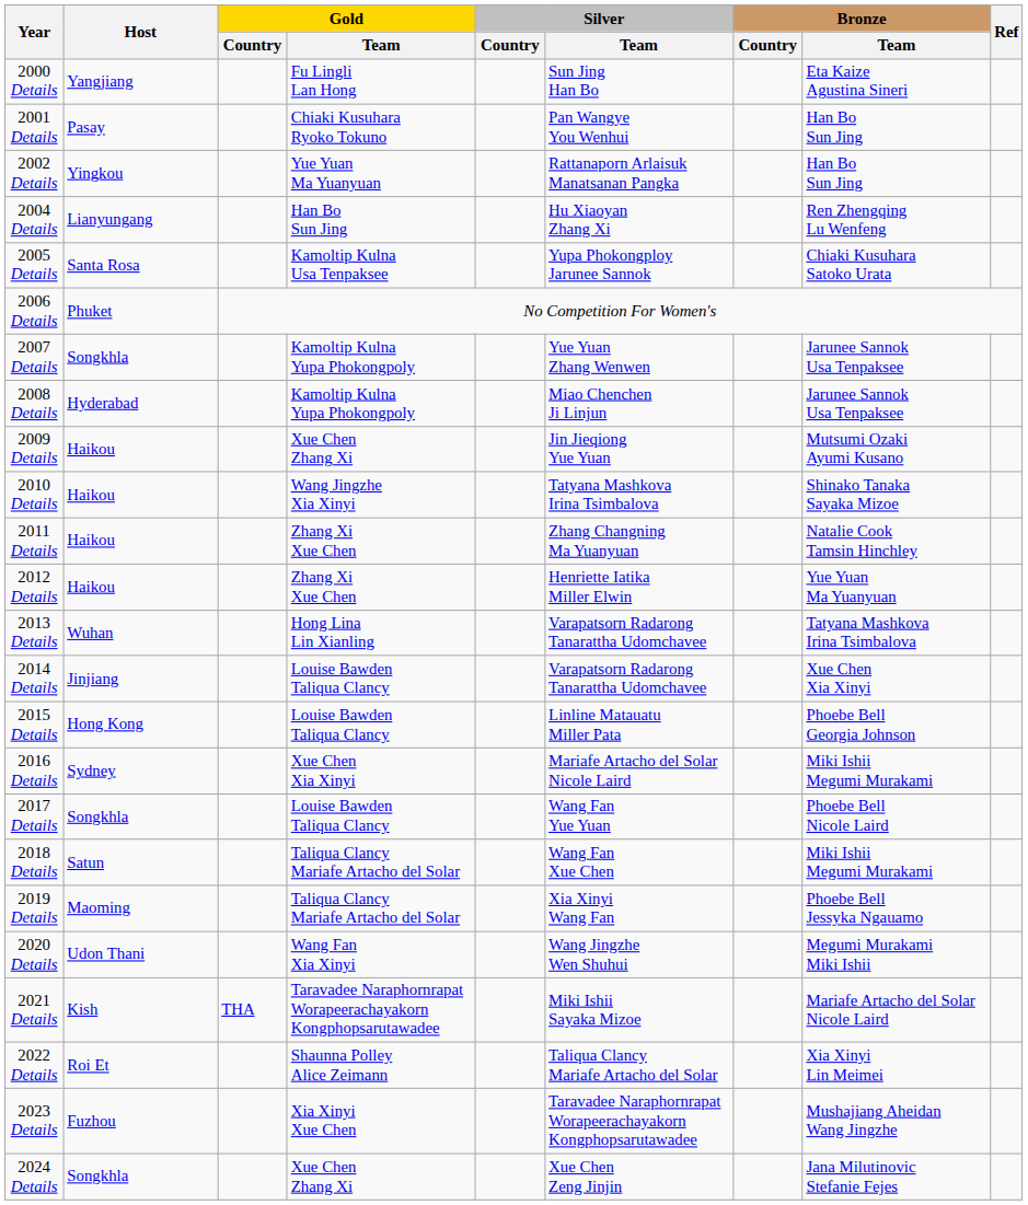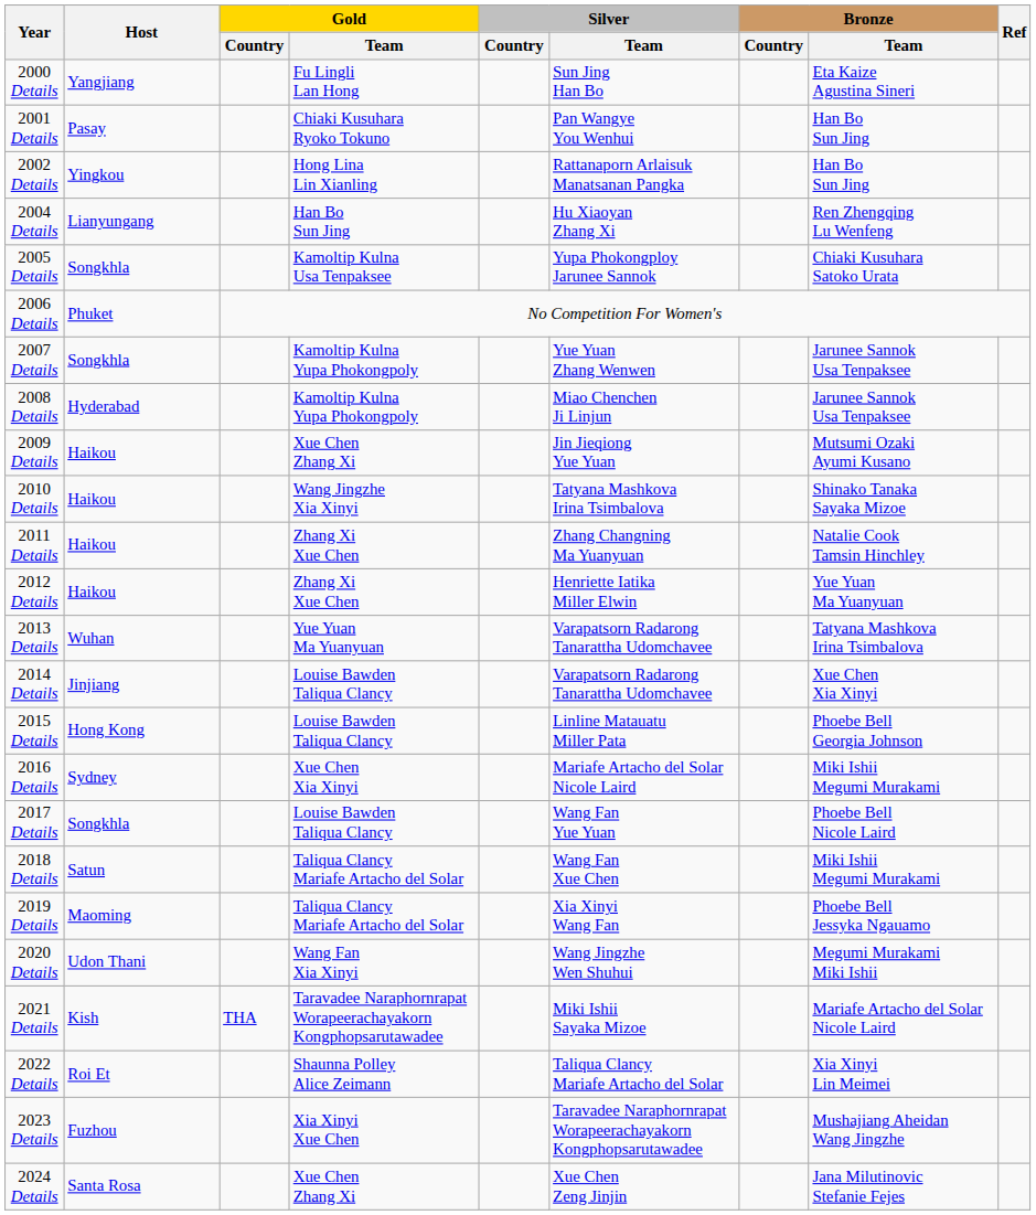 <table class="wikitable" style="font-size:90%">
 <tr>
 <th rowspan="2" width="45">Year</th>
 <th rowspan="2" width="130">Host</th>
 <th colspan="2" style="background:gold">Gold</th>
 <th colspan="2" style="background:silver">Silver</th>
 <th colspan="2" style="background:#cc9966">Bronze</th>
 <th rowspan="2" width="20">Ref</th>
 </tr>
 <tr>
 <th width="55">Country</th>
 <th width="160">Team</th>
 <th width="55">Country</th>
 <th width="160">Team</th>
 <th width="55">Country</th>
 <th width="160">Team</th>
 </tr>
 <tr>
 <td align=center>2000<br><em><a href='#'>Details</a></em></td>
 <td> <a href='#'>Yangjiang</a></td>
 <td></td>
 <td><a href='#'>Fu Lingli</a><br><a href='#'>Lan Hong</a></td>
 <td></td>
 <td><a href='#'>Sun Jing</a><br><a href='#'>Han Bo</a></td>
 <td></td>
 <td><a href='#'>Eta Kaize</a><br><a href='#'>Agustina Sineri</a></td>
 <td></td>
 </tr>
 <tr>
 <td align=center>2001<br><em><a href='#'>Details</a></em></td>
 <td> <a href='#'>Pasay</a></td>
 <td></td>
 <td><a href='#'>Chiaki Kusuhara</a><br><a href='#'>Ryoko Tokuno</a></td>
 <td></td>
 <td><a href='#'>Pan Wangye</a><br><a href='#'>You Wenhui</a></td>
 <td></td>
 <td><a href='#'>Han Bo</a><br><a href='#'>Sun Jing</a></td>
 <td></td>
 </tr>
 <tr>
 <td align=center>2002<br><em><a href='#'>Details</a></em></td>
 <td> <a href='#'>Yingkou</a></td>
 <td></td>
-<td><a href='#'>Yue Yuan</a><br><a href='#'>Ma Yuanyuan</a></td>
+<td><a href='#'>Hong Lina</a><br><a href='#'>Lin Xianling</a></td>
 <td></td>
 <td><a href='#'>Rattanaporn Arlaisuk</a><br><a href='#'>Manatsanan Pangka</a></td>
 <td></td>
 <td><a href='#'>Han Bo</a><br><a href='#'>Sun Jing</a></td>
 <td></td>
 </tr>
 <tr>
 <td align=center>2004<br><em><a href='#'>Details</a></em></td>
 <td> <a href='#'>Lianyungang</a></td>
 <td></td>
 <td><a href='#'>Han Bo</a><br><a href='#'>Sun Jing</a></td>
 <td></td>
 <td><a href='#'>Hu Xiaoyan</a><br><a href='#'>Zhang Xi</a></td>
 <td></td>
 <td><a href='#'>Ren Zhengqing</a><br><a href='#'>Lu Wenfeng</a></td>
 <td></td>
 </tr>
 <tr>
 <td align=center>2005<br><em><a href='#'>Details</a></em></td>
-<td> <a href='#'>Santa Rosa</a></td>
+<td> <a href='#'>Songkhla</a></td>
 <td></td>
 <td><a href='#'>Kamoltip Kulna</a><br><a href='#'>Usa Tenpaksee</a></td>
 <td></td>
 <td><a href='#'>Yupa Phokongploy</a><br><a href='#'>Jarunee Sannok</a></td>
 <td></td>
 <td><a href='#'>Chiaki Kusuhara</a><br><a href='#'>Satoko Urata</a></td>
 <td></td>
 </tr>
 <tr>
 <td align=center>2006<br><em><a href='#'>Details</a></em></td>
 <td> <a href='#'>Phuket</a></td>
 <td colspan=7 align=center><em>No Competition For Women's</em></td>
 </tr>
 <tr>
 <td align=center>2007<br><em><a href='#'>Details</a></em></td>
 <td> <a href='#'>Songkhla</a></td>
 <td></td>
 <td><a href='#'>Kamoltip Kulna</a><br><a href='#'>Yupa Phokongpoly</a></td>
 <td></td>
 <td><a href='#'>Yue Yuan</a><br><a href='#'>Zhang Wenwen</a></td>
 <td></td>
 <td><a href='#'>Jarunee Sannok</a><br><a href='#'>Usa Tenpaksee</a></td>
 <td></td>
 </tr>
 <tr>
 <td align=center>2008<br><em><a href='#'>Details</a></em></td>
 <td> <a href='#'>Hyderabad</a></td>
 <td></td>
 <td><a href='#'>Kamoltip Kulna</a><br><a href='#'>Yupa Phokongpoly</a></td>
 <td></td>
 <td><a href='#'>Miao Chenchen</a><br><a href='#'>Ji Linjun</a></td>
 <td></td>
 <td><a href='#'>Jarunee Sannok</a><br><a href='#'>Usa Tenpaksee</a></td>
 <td></td>
 </tr>
 <tr>
 <td align=center>2009<br><em><a href='#'>Details</a></em></td>
 <td> <a href='#'>Haikou</a></td>
 <td></td>
 <td><a href='#'>Xue Chen</a><br><a href='#'>Zhang Xi</a></td>
 <td></td>
 <td><a href='#'>Jin Jieqiong</a><br><a href='#'>Yue Yuan</a></td>
 <td></td>
 <td><a href='#'>Mutsumi Ozaki</a><br><a href='#'>Ayumi Kusano</a></td>
 <td></td>
 </tr>
 <tr>
 <td align=center>2010<br><em><a href='#'>Details</a></em></td>
 <td> <a href='#'>Haikou</a></td>
 <td></td>
 <td><a href='#'>Wang Jingzhe</a><br><a href='#'>Xia Xinyi</a></td>
 <td></td>
 <td><a href='#'>Tatyana Mashkova</a><br><a href='#'>Irina Tsimbalova</a></td>
 <td></td>
 <td><a href='#'>Shinako Tanaka</a><br><a href='#'>Sayaka Mizoe</a></td>
 <td></td>
 </tr>
 <tr>
 <td align=center>2011<br><em><a href='#'>Details</a></em></td>
 <td> <a href='#'>Haikou</a></td>
 <td></td>
 <td><a href='#'>Zhang Xi</a><br><a href='#'>Xue Chen</a></td>
 <td></td>
 <td><a href='#'>Zhang Changning</a><br><a href='#'>Ma Yuanyuan</a></td>
 <td></td>
 <td><a href='#'>Natalie Cook</a><br><a href='#'>Tamsin Hinchley</a></td>
 <td></td>
 </tr>
 <tr>
 <td align=center>2012<br><em><a href='#'>Details</a></em></td>
 <td> <a href='#'>Haikou</a></td>
 <td></td>
 <td><a href='#'>Zhang Xi</a><br><a href='#'>Xue Chen</a></td>
 <td></td>
 <td><a href='#'>Henriette Iatika</a><br><a href='#'>Miller Elwin</a></td>
 <td></td>
 <td><a href='#'>Yue Yuan</a><br><a href='#'>Ma Yuanyuan</a></td>
 <td></td>
 </tr>
 <tr>
 <td align=center>2013<br><em><a href='#'>Details</a></em></td>
 <td> <a href='#'>Wuhan</a></td>
 <td></td>
-<td><a href='#'>Hong Lina</a><br><a href='#'>Lin Xianling</a></td>
+<td><a href='#'>Yue Yuan</a><br><a href='#'>Ma Yuanyuan</a></td>
 <td></td>
 <td><a href='#'>Varapatsorn Radarong</a><br><a href='#'>Tanarattha Udomchavee</a></td>
 <td></td>
 <td><a href='#'>Tatyana Mashkova</a><br><a href='#'>Irina Tsimbalova</a></td>
 <td></td>
 </tr>
 <tr>
 <td align=center>2014<br><em><a href='#'>Details</a></em></td>
 <td> <a href='#'>Jinjiang</a></td>
 <td></td>
 <td><a href='#'>Louise Bawden</a><br><a href='#'>Taliqua Clancy</a></td>
 <td></td>
 <td><a href='#'>Varapatsorn Radarong</a><br><a href='#'>Tanarattha Udomchavee</a></td>
 <td></td>
 <td><a href='#'>Xue Chen</a><br><a href='#'>Xia Xinyi</a></td>
 <td></td>
 </tr>
 <tr>
 <td align=center>2015<br><em><a href='#'>Details</a></em></td>
 <td> <a href='#'>Hong Kong</a></td>
 <td></td>
 <td><a href='#'>Louise Bawden</a><br><a href='#'>Taliqua Clancy</a></td>
 <td></td>
 <td><a href='#'>Linline Matauatu</a><br><a href='#'>Miller Pata</a></td>
 <td></td>
 <td><a href='#'>Phoebe Bell</a><br><a href='#'>Georgia Johnson</a></td>
 <td></td>
 </tr>
 <tr>
 <td align=center>2016<br><em><a href='#'>Details</a></em></td>
 <td> <a href='#'>Sydney</a></td>
 <td></td>
 <td><a href='#'>Xue Chen</a><br><a href='#'>Xia Xinyi</a></td>
 <td></td>
 <td><a href='#'>Mariafe Artacho del Solar</a><br><a href='#'>Nicole Laird</a></td>
 <td></td>
 <td><a href='#'>Miki Ishii</a><br><a href='#'>Megumi Murakami</a></td>
 <td></td>
 </tr>
 <tr>
 <td align=center>2017<br><em><a href='#'>Details</a></em></td>
 <td> <a href='#'>Songkhla</a></td>
 <td></td>
 <td><a href='#'>Louise Bawden</a><br><a href='#'>Taliqua Clancy</a></td>
 <td></td>
 <td><a href='#'>Wang Fan</a><br><a href='#'>Yue Yuan</a></td>
 <td></td>
 <td><a href='#'>Phoebe Bell</a><br><a href='#'>Nicole Laird</a></td>
 <td></td>
 </tr>
 <tr>
 <td align=center>2018<br><em><a href='#'>Details</a></em></td>
 <td> <a href='#'>Satun</a></td>
 <td></td>
 <td><a href='#'>Taliqua Clancy</a><br><a href='#'>Mariafe Artacho del Solar</a></td>
 <td></td>
 <td><a href='#'>Wang Fan</a><br><a href='#'>Xue Chen</a></td>
 <td></td>
 <td><a href='#'>Miki Ishii</a><br><a href='#'>Megumi Murakami</a></td>
 <td></td>
 </tr>
 <tr>
 <td align=center>2019<br><em><a href='#'>Details</a></em></td>
 <td> <a href='#'>Maoming</a></td>
 <td></td>
 <td><a href='#'>Taliqua Clancy</a><br><a href='#'>Mariafe Artacho del Solar</a></td>
 <td></td>
 <td><a href='#'>Xia Xinyi</a><br><a href='#'>Wang Fan</a></td>
 <td></td>
 <td><a href='#'>Phoebe Bell</a><br><a href='#'>Jessyka Ngauamo</a></td>
 <td></td>
 </tr>
 <tr>
 <td align=center>2020<br><em><a href='#'>Details</a></em></td>
 <td> <a href='#'>Udon Thani</a></td>
 <td></td>
 <td><a href='#'>Wang Fan</a><br><a href='#'>Xia Xinyi</a></td>
 <td></td>
 <td><a href='#'>Wang Jingzhe</a><br><a href='#'>Wen Shuhui</a></td>
 <td></td>
 <td><a href='#'>Megumi Murakami</a><br><a href='#'>Miki Ishii</a></td>
 <td></td>
 </tr>
 <tr>
 <td align=center>2021<br><em><a href='#'>Details</a></em></td>
 <td> <a href='#'>Kish</a></td>
 <td> <a href='#'>THA</a></td>
 <td><a href='#'>Taravadee Naraphornrapat</a><br><a href='#'>Worapeerachayakorn Kongphopsarutawadee</a></td>
 <td></td>
 <td><a href='#'>Miki Ishii</a><br><a href='#'>Sayaka Mizoe</a></td>
 <td></td>
 <td><a href='#'>Mariafe Artacho del Solar</a><br><a href='#'>Nicole Laird</a></td>
 <td></td>
 </tr>
 <tr>
 <td align=center>2022<br><em><a href='#'>Details</a></em></td>
 <td> <a href='#'>Roi Et</a></td>
 <td></td>
 <td><a href='#'>Shaunna Polley</a><br><a href='#'>Alice Zeimann</a></td>
 <td></td>
 <td><a href='#'>Taliqua Clancy</a><br><a href='#'>Mariafe Artacho del Solar</a></td>
 <td></td>
 <td><a href='#'>Xia Xinyi</a><br><a href='#'>Lin Meimei</a></td>
 <td></td>
 </tr>
 <tr>
 <td align=center>2023<br><em><a href='#'>Details</a></em></td>
 <td> <a href='#'>Fuzhou</a></td>
 <td></td>
 <td><a href='#'>Xia Xinyi</a><br><a href='#'>Xue Chen</a></td>
 <td></td>
 <td><a href='#'>Taravadee Naraphornrapat</a><br><a href='#'>Worapeerachayakorn Kongphopsarutawadee</a></td>
 <td></td>
 <td><a href='#'>Mushajiang Aheidan</a><br><a href='#'>Wang Jingzhe</a></td>
 <td></td>
 </tr>
 <tr>
 <td align=center>2024<br><em><a href='#'>Details</a></em></td>
-<td> <a href='#'>Songkhla</a></td>
+<td> <a href='#'>Santa Rosa</a></td>
 <td></td>
 <td><a href='#'>Xue Chen</a><br><a href='#'>Zhang Xi</a></td>
 <td></td>
 <td><a href='#'>Xue Chen</a><br><a href='#'>Zeng Jinjin</a></td>
 <td></td>
 <td><a href='#'>Jana Milutinovic</a><br><a href='#'>Stefanie Fejes</a></td>
 <td></td>
 </tr>
 </table>
